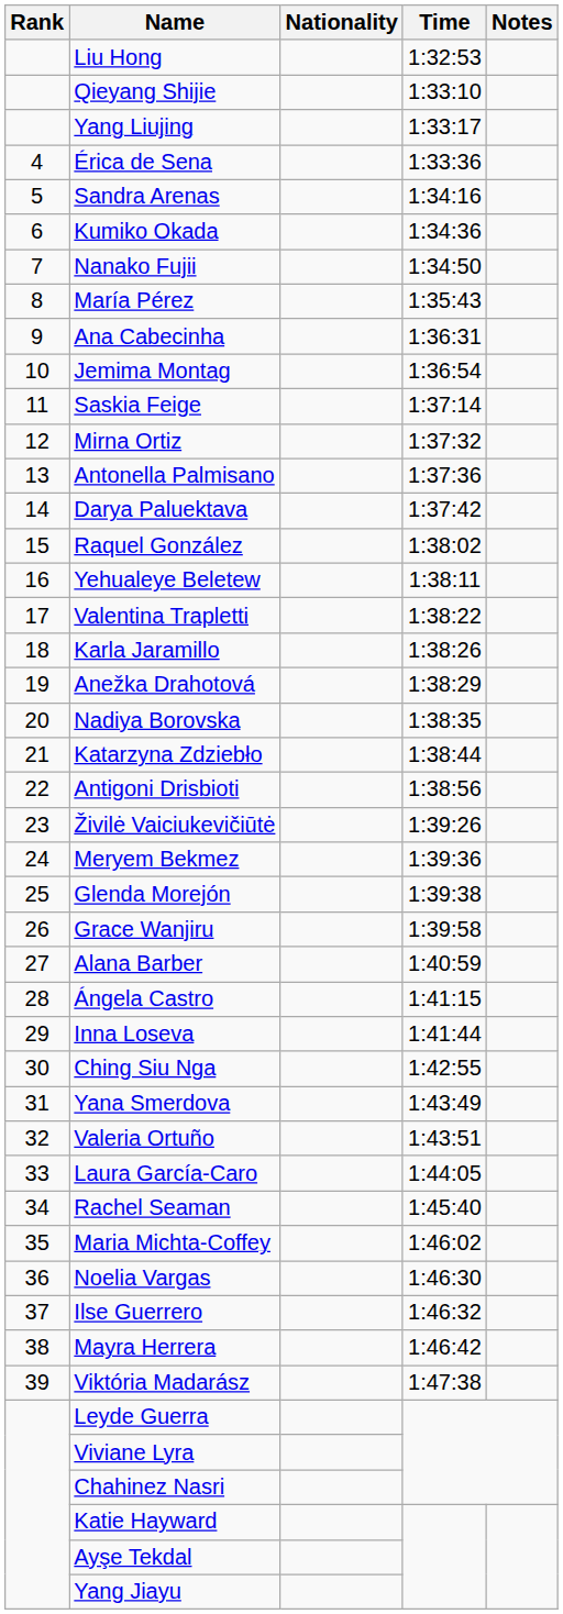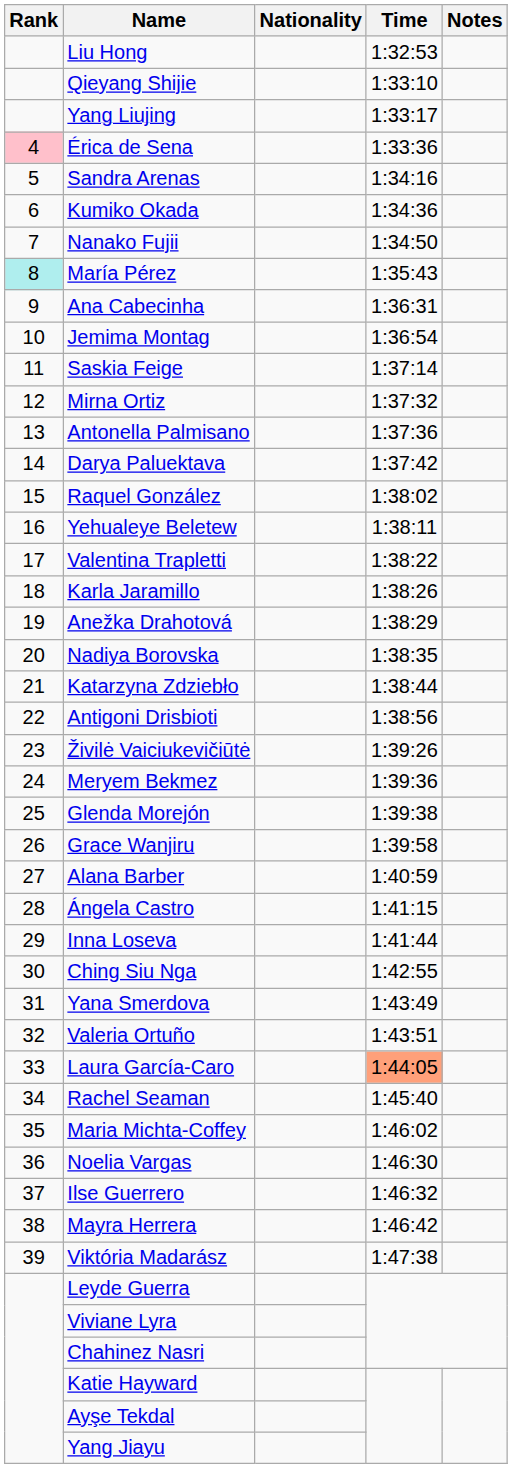 <table class="wikitable sortable" style="text-align:center">
 <tr>
 <th>Rank</th>
 <th>Name</th>
 <th>Nationality</th>
 <th>Time</th>
 <th>Notes</th>
 </tr>
 <tr>
 <td></td>
 <td align=left><a href='#'>Liu Hong</a></td>
 <td align=left></td>
 <td>1:32:53</td>
 <td></td>
 </tr>
 <tr>
 <td></td>
 <td align=left><a href='#'>Qieyang Shijie</a></td>
 <td align=left></td>
 <td>1:33:10</td>
 <td></td>
 </tr>
 <tr>
 <td></td>
 <td align=left><a href='#'>Yang Liujing</a></td>
 <td align=left></td>
 <td>1:33:17</td>
 <td></td>
 </tr>
 <tr>
-<td>4</td>
+<td style="background: pink;">4</td>
 <td align=left><a href='#'>Érica de Sena</a></td>
 <td align=left></td>
 <td>1:33:36</td>
 <td></td>
 </tr>
 <tr>
 <td>5</td>
 <td align=left><a href='#'>Sandra Arenas</a></td>
 <td align=left></td>
 <td>1:34:16</td>
 <td></td>
 </tr>
 <tr>
 <td>6</td>
 <td align=left><a href='#'>Kumiko Okada</a></td>
 <td align=left></td>
 <td>1:34:36</td>
 <td></td>
 </tr>
 <tr>
 <td>7</td>
 <td align=left><a href='#'>Nanako Fujii</a></td>
 <td align=left></td>
 <td>1:34:50</td>
 <td></td>
 </tr>
 <tr>
-<td>8</td>
+<td style="background: paleturquoise;">8</td>
 <td align=left><a href='#'>María Pérez</a></td>
 <td align=left></td>
 <td>1:35:43</td>
 <td></td>
 </tr>
 <tr>
 <td>9</td>
 <td align=left><a href='#'>Ana Cabecinha</a></td>
 <td align=left></td>
 <td>1:36:31</td>
 <td></td>
 </tr>
 <tr>
 <td>10</td>
 <td align=left><a href='#'>Jemima Montag</a></td>
 <td align=left></td>
 <td>1:36:54</td>
 <td></td>
 </tr>
 <tr>
 <td>11</td>
 <td align=left><a href='#'>Saskia Feige</a></td>
 <td align=left></td>
 <td>1:37:14</td>
 <td></td>
 </tr>
 <tr>
 <td>12</td>
 <td align=left><a href='#'>Mirna Ortiz</a></td>
 <td align=left></td>
 <td>1:37:32</td>
 <td></td>
 </tr>
 <tr>
 <td>13</td>
 <td align=left><a href='#'>Antonella Palmisano</a></td>
 <td align=left></td>
 <td>1:37:36</td>
 <td></td>
 </tr>
 <tr>
 <td>14</td>
 <td align=left><a href='#'>Darya Paluektava</a></td>
 <td align=left></td>
 <td>1:37:42</td>
 <td></td>
 </tr>
 <tr>
 <td>15</td>
 <td align=left><a href='#'>Raquel González</a></td>
 <td align=left></td>
 <td>1:38:02</td>
 <td></td>
 </tr>
 <tr>
 <td>16</td>
 <td align=left><a href='#'>Yehualeye Beletew</a></td>
 <td align=left></td>
 <td>1:38:11</td>
 <td></td>
 </tr>
 <tr>
 <td>17</td>
 <td align=left><a href='#'>Valentina Trapletti</a></td>
 <td align=left></td>
 <td>1:38:22</td>
 <td></td>
 </tr>
 <tr>
 <td>18</td>
 <td align=left><a href='#'>Karla Jaramillo</a></td>
 <td align=left></td>
 <td>1:38:26</td>
 <td></td>
 </tr>
 <tr>
 <td>19</td>
 <td align=left><a href='#'>Anežka Drahotová</a></td>
 <td align=left></td>
 <td>1:38:29</td>
 <td></td>
 </tr>
 <tr>
 <td>20</td>
 <td align=left><a href='#'>Nadiya Borovska</a></td>
 <td align=left></td>
 <td>1:38:35</td>
 <td></td>
 </tr>
 <tr>
 <td>21</td>
 <td align=left><a href='#'>Katarzyna Zdziebło</a></td>
 <td align=left></td>
 <td>1:38:44</td>
 <td></td>
 </tr>
 <tr>
 <td>22</td>
 <td align=left><a href='#'>Antigoni Drisbioti</a></td>
 <td align=left></td>
 <td>1:38:56</td>
 <td></td>
 </tr>
 <tr>
 <td>23</td>
 <td align=left><a href='#'>Živilė Vaiciukevičiūtė</a></td>
 <td align=left></td>
 <td>1:39:26</td>
 <td></td>
 </tr>
 <tr>
 <td>24</td>
 <td align=left><a href='#'>Meryem Bekmez</a></td>
 <td align=left></td>
 <td>1:39:36</td>
 <td></td>
 </tr>
 <tr>
 <td>25</td>
 <td align=left><a href='#'>Glenda Morejón</a></td>
 <td align=left></td>
 <td>1:39:38</td>
 <td></td>
 </tr>
 <tr>
 <td>26</td>
 <td align=left><a href='#'>Grace Wanjiru</a></td>
 <td align=left></td>
 <td>1:39:58</td>
 <td></td>
 </tr>
 <tr>
 <td>27</td>
 <td align=left><a href='#'>Alana Barber</a></td>
 <td align=left></td>
 <td>1:40:59</td>
 <td></td>
 </tr>
 <tr>
 <td>28</td>
 <td align=left><a href='#'>Ángela Castro</a></td>
 <td align=left></td>
 <td>1:41:15</td>
 <td></td>
 </tr>
 <tr>
 <td>29</td>
 <td align=left><a href='#'>Inna Loseva</a></td>
 <td align=left></td>
 <td>1:41:44</td>
 <td></td>
 </tr>
 <tr>
 <td>30</td>
 <td align=left><a href='#'>Ching Siu Nga</a></td>
 <td align=left></td>
 <td>1:42:55</td>
 <td></td>
 </tr>
 <tr>
 <td>31</td>
 <td align=left><a href='#'>Yana Smerdova</a></td>
 <td align=left></td>
 <td>1:43:49</td>
 <td></td>
 </tr>
 <tr>
 <td>32</td>
 <td align=left><a href='#'>Valeria Ortuño</a></td>
 <td align=left></td>
 <td>1:43:51</td>
 <td></td>
 </tr>
 <tr>
 <td>33</td>
 <td align=left><a href='#'>Laura García-Caro</a></td>
 <td align=left></td>
-<td>1:44:05</td>
+<td style="background: lightsalmon;">1:44:05</td>
 <td></td>
 </tr>
 <tr>
 <td>34</td>
 <td align=left><a href='#'>Rachel Seaman</a></td>
 <td align=left></td>
 <td>1:45:40</td>
 <td></td>
 </tr>
 <tr>
 <td>35</td>
 <td align=left><a href='#'>Maria Michta-Coffey</a></td>
 <td align=left></td>
 <td>1:46:02</td>
 <td></td>
 </tr>
 <tr>
 <td>36</td>
 <td align=left><a href='#'>Noelia Vargas</a></td>
 <td align=left></td>
 <td>1:46:30</td>
 <td></td>
 </tr>
 <tr>
 <td>37</td>
 <td align=left><a href='#'>Ilse Guerrero</a></td>
 <td align=left></td>
 <td>1:46:32</td>
 <td></td>
 </tr>
 <tr>
 <td>38</td>
 <td align=left><a href='#'>Mayra Herrera</a></td>
 <td align=left></td>
 <td>1:46:42</td>
 <td></td>
 </tr>
 <tr>
 <td>39</td>
 <td align=left><a href='#'>Viktória Madarász</a></td>
 <td align=left></td>
 <td>1:47:38</td>
 <td></td>
 </tr>
 <tr>
 <td rowspan=6></td>
 <td align=left><a href='#'>Leyde Guerra</a></td>
 <td align=left></td>
 <td rowspan=3 colspan=2></td>
 </tr>
 <tr>
 <td align=left><a href='#'>Viviane Lyra</a></td>
 <td align=left></td>
 </tr>
 <tr>
 <td align=left><a href='#'>Chahinez Nasri</a></td>
 <td align=left></td>
 </tr>
 <tr>
 <td align=left><a href='#'>Katie Hayward</a></td>
 <td align=left></td>
 <td rowspan=3></td>
 <td rowspan=3></td>
 </tr>
 <tr>
 <td align=left><a href='#'>Ayşe Tekdal</a></td>
 <td align=left></td>
 </tr>
 <tr>
 <td align=left><a href='#'>Yang Jiayu</a></td>
 <td align=left></td>
 </tr>
 </table>
